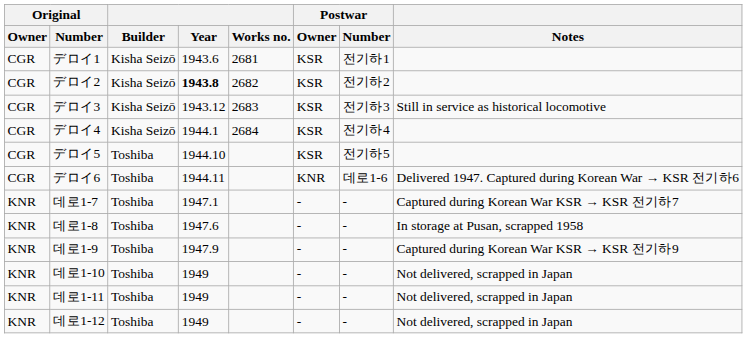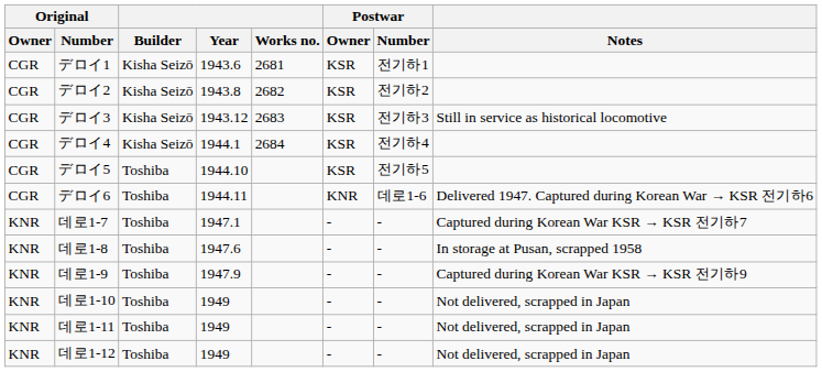 <table class="wikitable">
 <tr>
 <th colspan="2">Original</th>
 <th colspan="3"></th>
 <th colspan="2">Postwar</th>
 <th></th>
 </tr>
 <tr>
 <th>Owner</th>
 <th>Number</th>
 <th>Builder</th>
 <th>Year</th>
 <th>Works no.</th>
 <th>Owner</th>
 <th>Number</th>
 <th>Notes</th>
 </tr>
 <tr>
 <td>CGR</td>
 <td>デロイ1</td>
 <td>Kisha Seizō</td>
 <td>1943.6</td>
 <td>2681</td>
 <td>KSR</td>
 <td>전기하1</td>
 <td></td>
 </tr>
 <tr>
 <td>CGR</td>
 <td>デロイ2</td>
 <td>Kisha Seizō</td>
-<td><strong>1943.8</strong></td>
+<td>1943.8</td>
 <td>2682</td>
 <td>KSR</td>
 <td>전기하2</td>
 <td></td>
 </tr>
 <tr>
 <td>CGR</td>
 <td>デロイ3</td>
 <td>Kisha Seizō</td>
 <td>1943.12</td>
 <td>2683</td>
 <td>KSR</td>
 <td>전기하3</td>
 <td>Still in service as historical locomotive</td>
 </tr>
 <tr>
 <td>CGR</td>
 <td>デロイ4</td>
 <td>Kisha Seizō</td>
 <td>1944.1</td>
 <td>2684</td>
 <td>KSR</td>
 <td>전기하4</td>
 <td></td>
 </tr>
 <tr>
 <td>CGR</td>
 <td>デロイ5</td>
 <td>Toshiba</td>
 <td>1944.10</td>
 <td></td>
 <td>KSR</td>
 <td>전기하5</td>
 <td></td>
 </tr>
 <tr>
 <td>CGR</td>
 <td>デロイ6</td>
 <td>Toshiba</td>
 <td>1944.11</td>
 <td></td>
 <td>KNR</td>
 <td>데로1-6</td>
 <td>Delivered 1947. Captured during Korean War → KSR 전기하6</td>
 </tr>
 <tr>
 <td>KNR</td>
 <td>데로1-7</td>
 <td>Toshiba</td>
 <td>1947.1</td>
 <td></td>
 <td>-</td>
 <td>-</td>
 <td>Captured during Korean War KSR → KSR 전기하7</td>
 </tr>
 <tr>
 <td>KNR</td>
 <td>데로1-8</td>
 <td>Toshiba</td>
 <td>1947.6</td>
 <td></td>
 <td>-</td>
 <td>-</td>
 <td>In storage at Pusan, scrapped 1958</td>
 </tr>
 <tr>
 <td>KNR</td>
 <td>데로1-9</td>
 <td>Toshiba</td>
 <td>1947.9</td>
 <td></td>
 <td>-</td>
 <td>-</td>
 <td>Captured during Korean War KSR → KSR 전기하9</td>
 </tr>
 <tr>
 <td>KNR</td>
 <td>데로1-10</td>
 <td>Toshiba</td>
 <td>1949</td>
 <td></td>
 <td>-</td>
 <td>-</td>
 <td>Not delivered, scrapped in Japan</td>
 </tr>
 <tr>
 <td>KNR</td>
 <td>데로1-11</td>
 <td>Toshiba</td>
 <td>1949</td>
 <td></td>
 <td>-</td>
 <td>-</td>
 <td>Not delivered, scrapped in Japan</td>
 </tr>
 <tr>
 <td>KNR</td>
 <td>데로1-12</td>
 <td>Toshiba</td>
 <td>1949</td>
 <td></td>
 <td>-</td>
 <td>-</td>
 <td>Not delivered, scrapped in Japan</td>
 </tr>
 </table>
